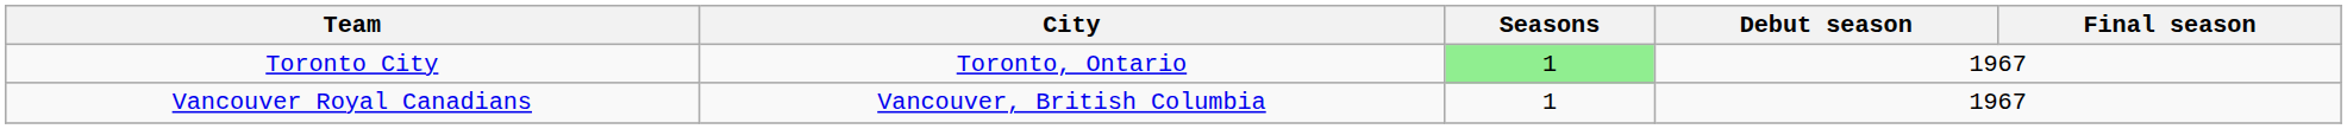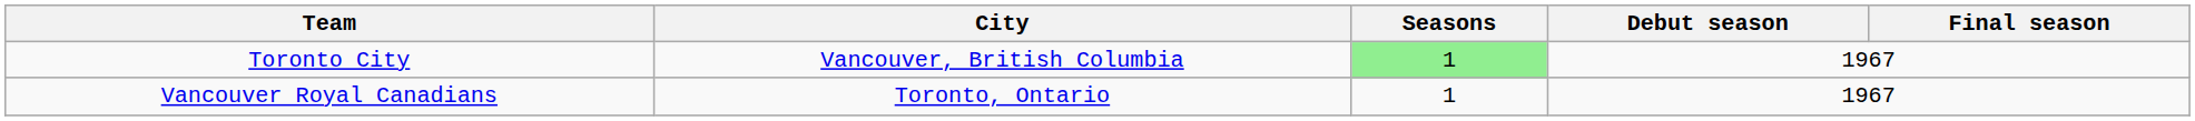 <table class="wikitable sortable" style="text-align: center; width:80%">
 <tr>
 <th>Team</th>
 <th>City</th>
 <th>Seasons</th>
 <th>Debut season</th>
 <th>Final season</th>
 </tr>
 <tr>
 <td><a href='#'>Toronto City</a></td>
-<td><a href='#'>Toronto, Ontario</a></td>
+<td><a href='#'>Vancouver, British Columbia</a></td>
 <td style="background: lightgreen;">1</td>
 <td colspan=2>1967</td>
 </tr>
 <tr>
 <td><a href='#'>Vancouver Royal Canadians</a></td>
-<td><a href='#'>Vancouver, British Columbia</a></td>
+<td><a href='#'>Toronto, Ontario</a></td>
 <td>1</td>
 <td colspan=2>1967</td>
 </tr>
 </table>
